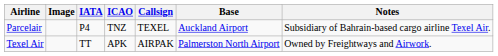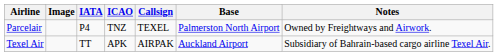 <table class="wikitable sortable" style="border: 0; cellpadding: 2; cellspacing: 3;">
 <tr style="vertical-align:middle;">
 <th>Airline</th>
 <th>Image</th>
 <th><a href='#'>IATA</a></th>
 <th><a href='#'>ICAO</a></th>
 <th><a href='#'>Callsign</a></th>
 <th>Base</th>
 <th class="unsortable">Notes</th>
 </tr>
 <tr>
 <td><a href='#'>Parcelair</a></td>
 <td></td>
 <td>P4</td>
 <td>TNZ</td>
 <td>TEXEL</td>
-<td><a href='#'>Auckland Airport</a></td>
-<td>Subsidiary of Bahrain-based cargo airline <a href='#'>Texel Air</a>.</td>
+<td><a href='#'>Palmerston North Airport</a></td>
+<td>Owned by Freightways and <a href='#'>Airwork</a>. </td>
 </tr>
 <tr>
 <td><a href='#'>Texel Air</a></td>
 <td></td>
 <td>TT</td>
 <td>APK</td>
 <td>AIRPAK</td>
-<td><a href='#'>Palmerston North Airport</a></td>
-<td>Owned by Freightways and <a href='#'>Airwork</a>. </td>
+<td><a href='#'>Auckland Airport</a></td>
+<td>Subsidiary of Bahrain-based cargo airline <a href='#'>Texel Air</a>.</td>
 </tr>
 <tr>
 </tr>
 </table>
